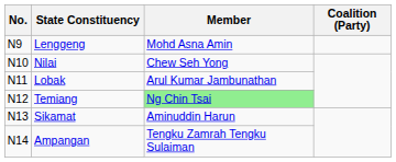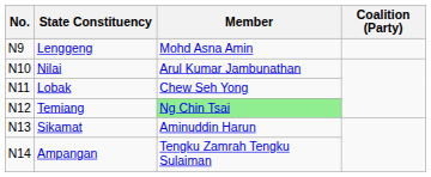 <table class="wikitable">
 <tr>
 <th width="30">No.</th>
 <th width="150">State Constituency</th>
 <th width="230">Member</th>
 <th width="100">Coalition (Party)</th>
 </tr>
 <tr>
 <td>N9</td>
 <td><a href='#'>Lenggeng</a></td>
 <td><a href='#'>Mohd Asna Amin</a></td>
 <td></td>
 </tr>
 <tr>
 <td>N10</td>
 <td><a href='#'>Nilai</a></td>
-<td><a href='#'>Chew Seh Yong</a></td>
+<td><a href='#'>Arul Kumar Jambunathan</a></td>
 <td rowspan=3></td>
 </tr>
 <tr>
 <td>N11</td>
 <td><a href='#'>Lobak</a></td>
-<td><a href='#'>Arul Kumar Jambunathan</a></td>
+<td><a href='#'>Chew Seh Yong</a></td>
 </tr>
 <tr>
 <td>N12</td>
 <td><a href='#'>Temiang</a></td>
 <td style="background: lightgreen;"><a href='#'>Ng Chin Tsai</a></td>
 </tr>
 <tr>
 <td>N13</td>
 <td><a href='#'>Sikamat</a></td>
 <td><a href='#'>Aminuddin Harun</a></td>
 <td rowspan=2></td>
 </tr>
 <tr>
 <td>N14</td>
 <td><a href='#'>Ampangan</a></td>
 <td><a href='#'>Tengku Zamrah Tengku Sulaiman</a></td>
 </tr>
 </table>
